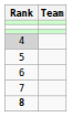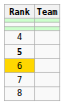 <table class="wikitable" style="text-align:center;">
 <tr>
 <th width=40>Rank</th>
 <th>Team</th>
 </tr>
 <tr bgcolor=#ccffcc>
 <td></td>
 <td style="text-align:left;"></td>
 </tr>
 <tr>
 <td></td>
 <td style="text-align:left;"></td>
 </tr>
 <tr bgcolor=#ccffcc>
 <td></td>
 <td style="text-align:left;"></td>
 </tr>
 <tr>
-<td style="background: lightgrey;">4</td>
+<td>4</td>
 <td style="text-align:left;"></td>
 </tr>
 <tr>
-<td>5</td>
+<td><strong>5</strong></td>
 <td style="text-align:left;"></td>
 </tr>
 <tr>
-<td>6</td>
+<td style="background: gold;">6</td>
 <td style="text-align:left;"></td>
 </tr>
 <tr>
 <td>7</td>
 <td style="text-align:left;"></td>
 </tr>
 <tr>
-<td><strong>8</strong></td>
+<td>8</td>
 <td style="text-align:left;"></td>
 </tr>
 </table>
